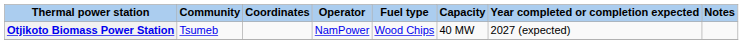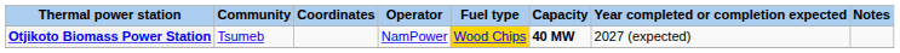 <table class="wikitable sortable">
 <tr>
 <th style="background-color:#ABCDEF;">Thermal power station</th>
 <th style="background-color:#ABCDEF;">Community</th>
 <th style="background-color:#ABCDEF;">Coordinates</th>
 <th style="background-color:#ABCDEF;">Operator</th>
 <th style="background-color:#ABCDEF;">Fuel type</th>
 <th style="background-color:#ABCDEF;">Capacity</th>
 <th style="background-color:#ABCDEF;">Year completed or completion expected</th>
 <th style="background-color:#ABCDEF;">Notes</th>
 </tr>
 <tr>
 <th><a href='#'>Otjikoto Biomass Power Station</a></th>
 <td><a href='#'>Tsumeb</a></td>
 <td></td>
 <td><a href='#'>NamPower</a></td>
-<td><a href='#'>Wood Chips</a></td>
-<td>40 MW</td>
+<td style="background: gold;"><a href='#'>Wood Chips</a></td>
+<td><strong>40 MW</strong></td>
 <td>2027 (expected)</td>
 <td></td>
 </tr>
 <tr>
 </tr>
 </table>
